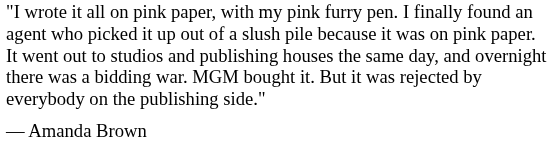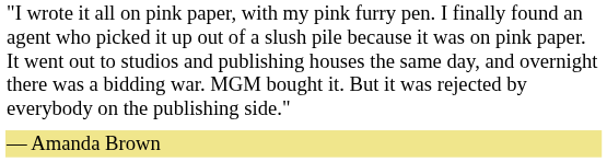 <table class="toccolours" style="float: right; margin-left: 1em; margin-right: 2em; font-size: 85%; width:30em; max-width: 40%;" cellspacing="5">
 <tr>
 <td style="text-align: left;">"I wrote it all on pink paper, with my pink furry pen. I finally found an agent who picked it up out of a slush pile because it was on pink paper. It went out to studios and publishing houses the same day, and overnight there was a bidding war. MGM bought it. But it was rejected by everybody on the publishing side."</td>
 </tr>
 <tr>
-<td style="text-align: left;">— Amanda Brown</td>
+<td style="background: khaki; text-align: left;">— Amanda Brown</td>
 </tr>
 </table>
